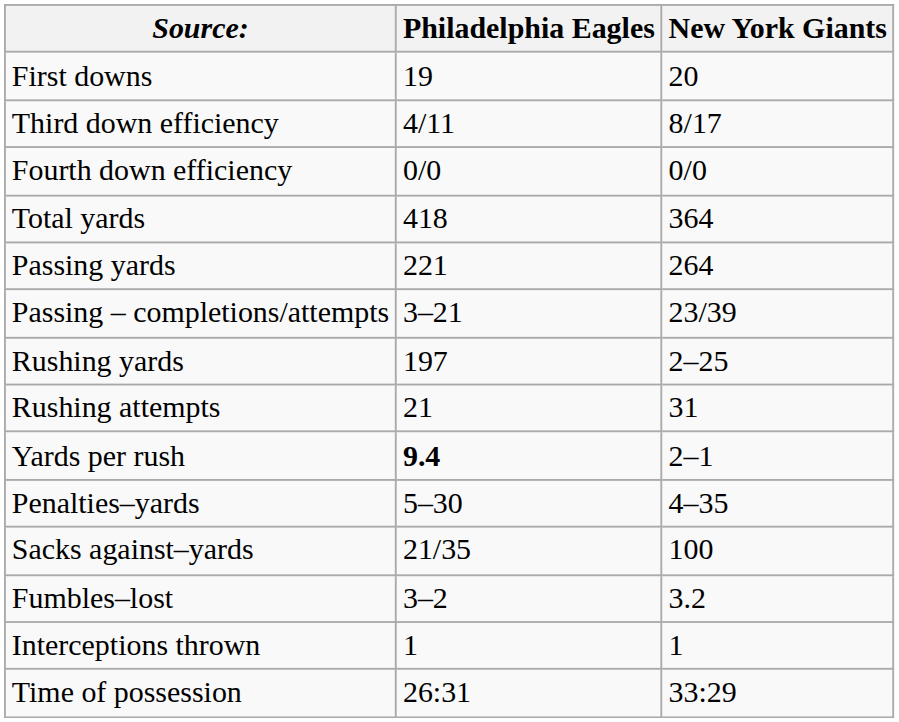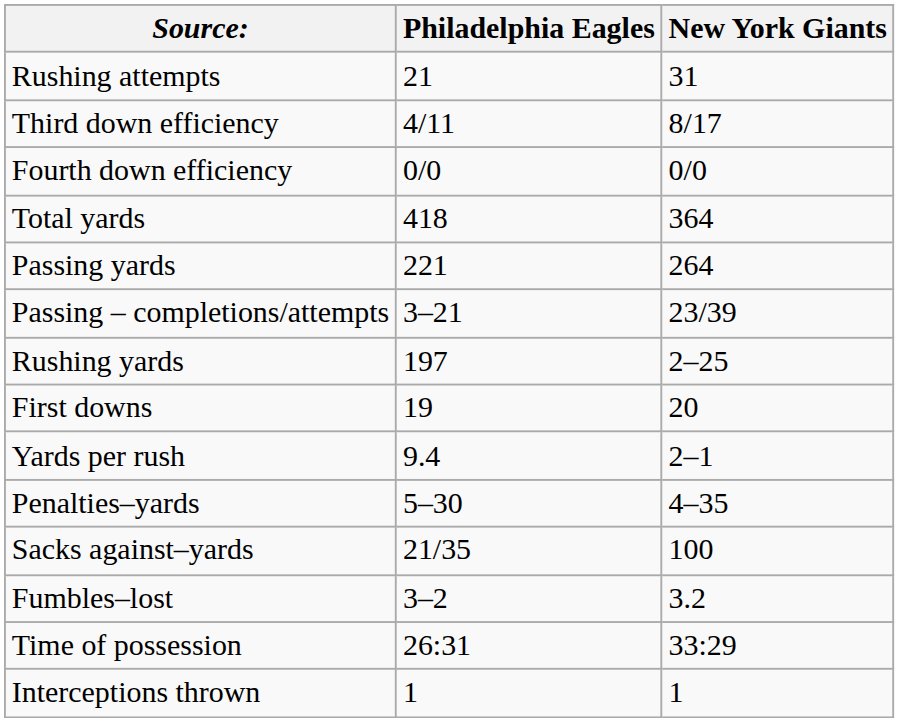 <table class="wikitable">
 <tr>
 <th><em>Source:</em></th>
 <th>Philadelphia Eagles</th>
 <th>New York Giants</th>
 </tr>
 <tr>
-<td>First downs</td>
-<td>19</td>
-<td>20</td>
+<td>Rushing attempts</td>
+<td>21</td>
+<td>31</td>
 </tr>
 <tr>
 <td>Third down efficiency</td>
 <td>4/11</td>
 <td>8/17</td>
 </tr>
 <tr>
 <td>Fourth down efficiency</td>
 <td>0/0</td>
 <td>0/0</td>
 </tr>
 <tr>
 <td>Total yards</td>
 <td>418</td>
 <td>364</td>
 </tr>
 <tr>
 <td>Passing yards</td>
 <td>221</td>
 <td>264</td>
 </tr>
 <tr>
 <td>Passing – completions/attempts</td>
 <td>3–21</td>
 <td>23/39</td>
 </tr>
 <tr>
 <td>Rushing yards</td>
 <td>197</td>
 <td>2–25</td>
 </tr>
 <tr>
-<td>Rushing attempts</td>
-<td>21</td>
-<td>31</td>
+<td>First downs</td>
+<td>19</td>
+<td>20</td>
 </tr>
 <tr>
 <td>Yards per rush</td>
-<td><strong>9.4</strong></td>
+<td>9.4</td>
 <td>2–1</td>
 </tr>
 <tr>
 <td>Penalties–yards</td>
 <td>5–30</td>
 <td>4–35</td>
 </tr>
 <tr>
 <td>Sacks against–yards</td>
 <td>21/35</td>
 <td>100</td>
 </tr>
 <tr>
 <td>Fumbles–lost</td>
 <td>3–2</td>
 <td>3.2</td>
 </tr>
 <tr>
+<td>Time of possession</td>
+<td>26:31</td>
+<td>33:29</td>
+</tr>
+<tr>
 <td>Interceptions thrown</td>
 <td>1</td>
 <td>1</td>
 </tr>
-<tr>
-<td>Time of possession</td>
-<td>26:31</td>
-<td>33:29</td>
-</tr>
 </table>
